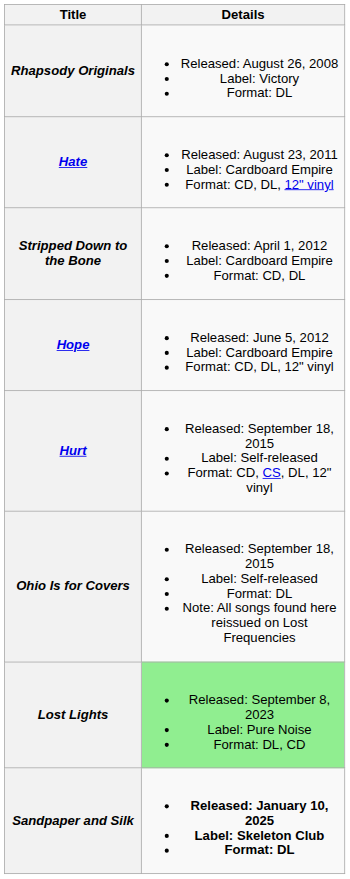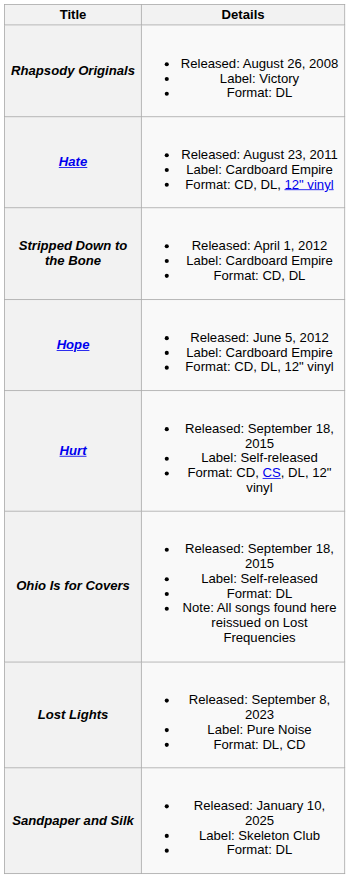 <table class="wikitable plainrowheaders" style="text-align:center;">
 <tr>
 <th rowspan="1" style="width:10em;">Title</th>
 <th rowspan="1" style="width:15em;">Details</th>
 </tr>
 <tr>
 <th scope="row"><em>Rhapsody Originals</em></th>
 <td><br><ul><li>Released: August 26, 2008</li><li>Label: Victory</li><li>Format: DL</li></ul></td>
 </tr>
 <tr>
 <th scope="row"><em><a href='#'>Hate</a></em></th>
 <td><br><ul><li>Released: August 23, 2011</li><li>Label: Cardboard Empire</li><li>Format: CD, DL, <a href='#'>12" vinyl</a></li></ul></td>
 </tr>
 <tr>
 <th scope="row"><em>Stripped Down to the Bone</em></th>
 <td><br><ul><li>Released: April 1, 2012</li><li>Label: Cardboard Empire</li><li>Format: CD, DL</li></ul></td>
 </tr>
 <tr>
 <th scope="row"><em><a href='#'>Hope</a></em></th>
 <td><br><ul><li>Released: June 5, 2012</li><li>Label: Cardboard Empire</li><li>Format: CD, DL, 12" vinyl</li></ul></td>
 </tr>
 <tr>
 <th scope="row"><em><a href='#'>Hurt</a></em></th>
 <td><br><ul><li>Released: September 18, 2015</li><li>Label: Self-released</li><li>Format: CD, <a href='#'>CS</a>, DL, 12" vinyl</li></ul></td>
 </tr>
 <tr>
 <th scope="row"><em>Ohio Is for Covers</em></th>
 <td><br><ul><li>Released: September 18, 2015</li><li>Label: Self-released</li><li>Format: DL</li><li>Note: All songs found here reissued on Lost Frequencies</li></ul></td>
 </tr>
 <tr>
 <th scope="row"><em>Lost Lights</em></th>
-<td style="background: lightgreen;"><br><ul><li>Released: September 8, 2023</li><li>Label: Pure Noise</li><li>Format: DL, CD</li></ul></td>
+<td><br><ul><li>Released: September 8, 2023</li><li>Label: Pure Noise</li><li>Format: DL, CD</li></ul></td>
 </tr>
 <tr>
 <th scope="row"><em>Sandpaper and Silk</em></th>
-<td><strong><br><ul><li>Released: January 10, 2025</li><li>Label: Skeleton Club</li><li>Format: DL</li></ul></strong></td>
+<td><br><ul><li>Released: January 10, 2025</li><li>Label: Skeleton Club</li><li>Format: DL</li></ul></td>
 </tr>
 </table>
